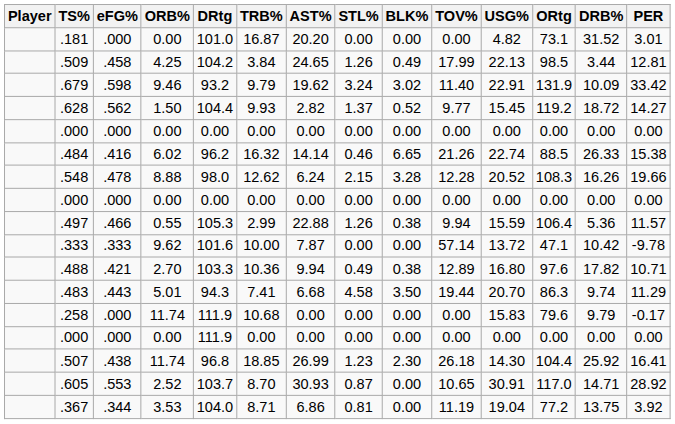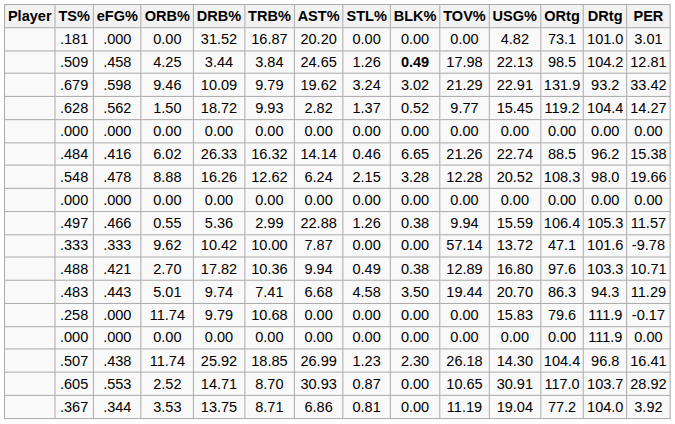 <table class="wikitable sortable" style="font-size:90%; text-align:center; white-space:nowrap;">
 <tr>
 <th>Player</th>
 <th>TS%</th>
 <th>eFG%</th>
 <th>ORB%</th>
-<th>DRtg</th>
+<th>DRB%</th>
 <th>TRB%</th>
 <th>AST%</th>
 <th>STL%</th>
 <th>BLK%</th>
 <th>TOV%</th>
 <th>USG%</th>
 <th>ORtg</th>
-<th>DRB%</th>
+<th>DRtg</th>
 <th>PER</th>
 </tr>
 <tr>
 <td></td>
 <td>.181</td>
 <td>.000</td>
 <td>0.00</td>
-<td>101.0</td>
+<td>31.52</td>
 <td>16.87</td>
 <td>20.20</td>
 <td>0.00</td>
 <td>0.00</td>
 <td>0.00</td>
 <td>4.82</td>
 <td>73.1</td>
-<td>31.52</td>
+<td>101.0</td>
 <td>3.01</td>
 </tr>
 <tr>
 <td></td>
 <td>.509</td>
 <td>.458</td>
 <td>4.25</td>
-<td>104.2</td>
+<td>3.44</td>
 <td>3.84</td>
 <td>24.65</td>
 <td>1.26</td>
-<td>0.49</td>
-<td>17.99</td>
+<td><strong>0.49</strong></td>
+<td>17.98</td>
 <td>22.13</td>
 <td>98.5</td>
-<td>3.44</td>
+<td>104.2</td>
 <td>12.81</td>
 </tr>
 <tr>
 <td></td>
 <td>.679</td>
 <td>.598</td>
 <td>9.46</td>
-<td>93.2</td>
+<td>10.09</td>
 <td>9.79</td>
 <td>19.62</td>
 <td>3.24</td>
 <td>3.02</td>
-<td>11.40</td>
+<td>21.29</td>
 <td>22.91</td>
 <td>131.9</td>
-<td>10.09</td>
+<td>93.2</td>
 <td>33.42</td>
 </tr>
 <tr>
 <td></td>
 <td>.628</td>
 <td>.562</td>
 <td>1.50</td>
-<td>104.4</td>
+<td>18.72</td>
 <td>9.93</td>
 <td>2.82</td>
 <td>1.37</td>
 <td>0.52</td>
 <td>9.77</td>
 <td>15.45</td>
 <td>119.2</td>
-<td>18.72</td>
+<td>104.4</td>
 <td>14.27</td>
 </tr>
 <tr>
 <td></td>
 <td>.000</td>
 <td>.000</td>
 <td>0.00</td>
 <td>0.00</td>
 <td>0.00</td>
 <td>0.00</td>
 <td>0.00</td>
 <td>0.00</td>
 <td>0.00</td>
 <td>0.00</td>
 <td>0.00</td>
 <td>0.00</td>
 <td>0.00</td>
 </tr>
 <tr>
 <td></td>
 <td>.484</td>
 <td>.416</td>
 <td>6.02</td>
-<td>96.2</td>
+<td>26.33</td>
 <td>16.32</td>
 <td>14.14</td>
 <td>0.46</td>
 <td>6.65</td>
 <td>21.26</td>
 <td>22.74</td>
 <td>88.5</td>
-<td>26.33</td>
+<td>96.2</td>
 <td>15.38</td>
 </tr>
 <tr>
 <td></td>
 <td>.548</td>
 <td>.478</td>
 <td>8.88</td>
-<td>98.0</td>
+<td>16.26</td>
 <td>12.62</td>
 <td>6.24</td>
 <td>2.15</td>
 <td>3.28</td>
 <td>12.28</td>
 <td>20.52</td>
 <td>108.3</td>
-<td>16.26</td>
+<td>98.0</td>
 <td>19.66</td>
 </tr>
 <tr>
 <td></td>
 <td>.000</td>
 <td>.000</td>
 <td>0.00</td>
 <td>0.00</td>
 <td>0.00</td>
 <td>0.00</td>
 <td>0.00</td>
 <td>0.00</td>
 <td>0.00</td>
 <td>0.00</td>
 <td>0.00</td>
 <td>0.00</td>
 <td>0.00</td>
 </tr>
 <tr>
 <td></td>
 <td>.497</td>
 <td>.466</td>
 <td>0.55</td>
-<td>105.3</td>
+<td>5.36</td>
 <td>2.99</td>
 <td>22.88</td>
 <td>1.26</td>
 <td>0.38</td>
 <td>9.94</td>
 <td>15.59</td>
 <td>106.4</td>
-<td>5.36</td>
+<td>105.3</td>
 <td>11.57</td>
 </tr>
 <tr>
 <td></td>
 <td>.333</td>
 <td>.333</td>
 <td>9.62</td>
-<td>101.6</td>
+<td>10.42</td>
 <td>10.00</td>
 <td>7.87</td>
 <td>0.00</td>
 <td>0.00</td>
 <td>57.14</td>
 <td>13.72</td>
 <td>47.1</td>
-<td>10.42</td>
+<td>101.6</td>
 <td>-9.78</td>
 </tr>
 <tr>
 <td></td>
 <td>.488</td>
 <td>.421</td>
 <td>2.70</td>
-<td>103.3</td>
+<td>17.82</td>
 <td>10.36</td>
 <td>9.94</td>
 <td>0.49</td>
 <td>0.38</td>
 <td>12.89</td>
 <td>16.80</td>
 <td>97.6</td>
-<td>17.82</td>
+<td>103.3</td>
 <td>10.71</td>
 </tr>
 <tr>
 <td></td>
 <td>.483</td>
 <td>.443</td>
 <td>5.01</td>
-<td>94.3</td>
+<td>9.74</td>
 <td>7.41</td>
 <td>6.68</td>
 <td>4.58</td>
 <td>3.50</td>
 <td>19.44</td>
 <td>20.70</td>
 <td>86.3</td>
-<td>9.74</td>
+<td>94.3</td>
 <td>11.29</td>
 </tr>
 <tr>
 <td></td>
 <td>.258</td>
 <td>.000</td>
 <td>11.74</td>
-<td>111.9</td>
+<td>9.79</td>
 <td>10.68</td>
 <td>0.00</td>
 <td>0.00</td>
 <td>0.00</td>
 <td>0.00</td>
 <td>15.83</td>
 <td>79.6</td>
-<td>9.79</td>
+<td>111.9</td>
 <td>-0.17</td>
 </tr>
 <tr>
 <td></td>
 <td>.000</td>
 <td>.000</td>
-<td>0.00</td>
-<td>111.9</td>
 <td>0.00</td>
 <td>0.00</td>
 <td>0.00</td>
 <td>0.00</td>
 <td>0.00</td>
 <td>0.00</td>
 <td>0.00</td>
 <td>0.00</td>
 <td>0.00</td>
+<td>111.9</td>
+<td>0.00</td>
 </tr>
 <tr>
 <td></td>
 <td>.507</td>
 <td>.438</td>
 <td>11.74</td>
-<td>96.8</td>
+<td>25.92</td>
 <td>18.85</td>
 <td>26.99</td>
 <td>1.23</td>
 <td>2.30</td>
 <td>26.18</td>
 <td>14.30</td>
 <td>104.4</td>
-<td>25.92</td>
+<td>96.8</td>
 <td>16.41</td>
 </tr>
 <tr>
 <td></td>
 <td>.605</td>
 <td>.553</td>
 <td>2.52</td>
-<td>103.7</td>
+<td>14.71</td>
 <td>8.70</td>
 <td>30.93</td>
 <td>0.87</td>
 <td>0.00</td>
 <td>10.65</td>
 <td>30.91</td>
 <td>117.0</td>
-<td>14.71</td>
+<td>103.7</td>
 <td>28.92</td>
 </tr>
 <tr>
 <td></td>
 <td>.367</td>
 <td>.344</td>
 <td>3.53</td>
-<td>104.0</td>
+<td>13.75</td>
 <td>8.71</td>
 <td>6.86</td>
 <td>0.81</td>
 <td>0.00</td>
 <td>11.19</td>
 <td>19.04</td>
 <td>77.2</td>
-<td>13.75</td>
+<td>104.0</td>
 <td>3.92</td>
 </tr>
 </table>
